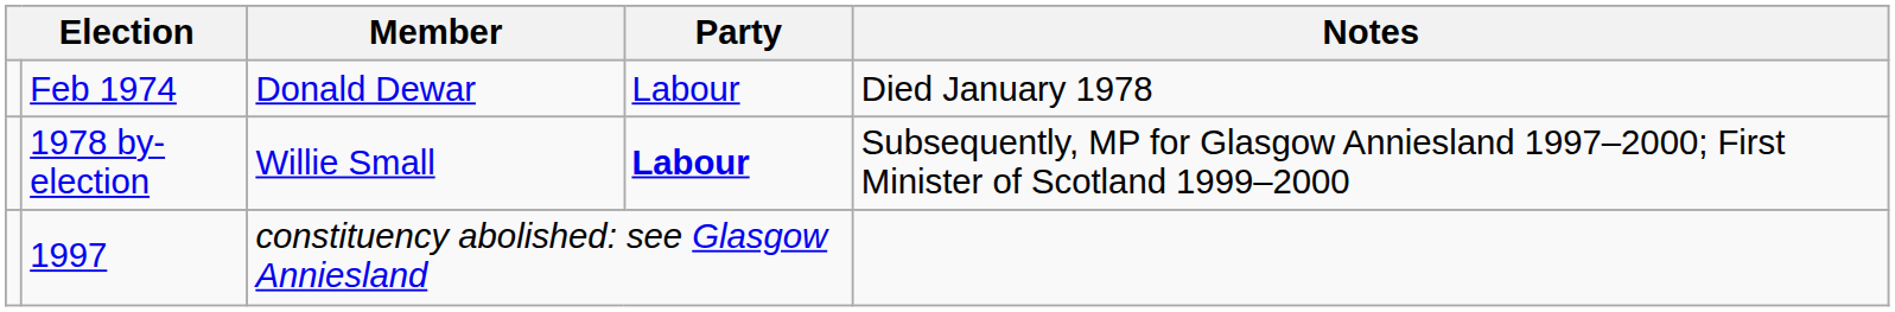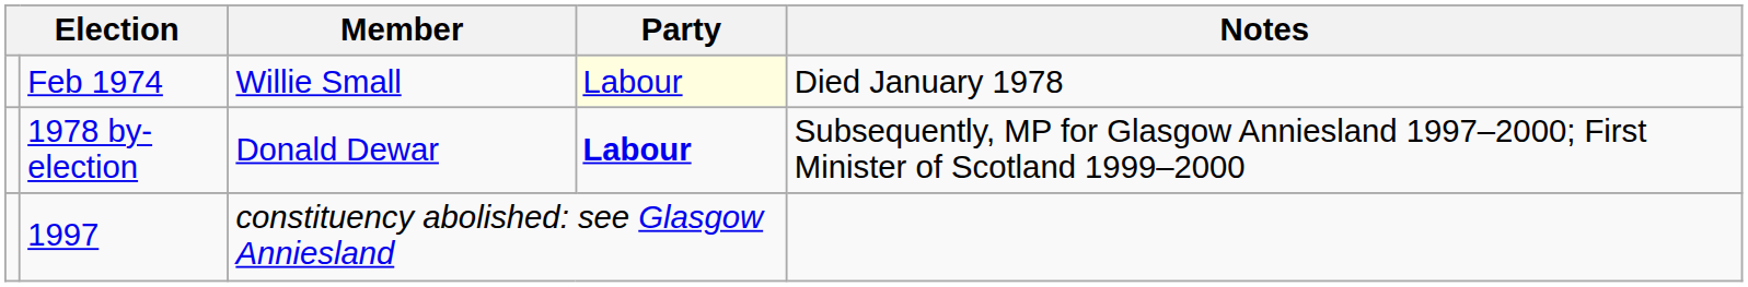 <table class="wikitable">
 <tr>
 <th colspan="2">Election</th>
 <th>Member</th>
 <th>Party</th>
 <th>Notes</th>
 </tr>
 <tr>
 <td style="color:inherit;background-color: "></td>
 <td><a href='#'>Feb 1974</a></td>
-<td><a href='#'>Donald Dewar</a></td>
-<td><a href='#'>Labour</a></td>
+<td><a href='#'>Willie Small</a></td>
+<td style="background: lightyellow;"><a href='#'>Labour</a></td>
 <td>Died January 1978</td>
 </tr>
 <tr>
 <td style="color:inherit;background-color: "></td>
 <td><a href='#'>1978 by-election</a></td>
-<td><a href='#'>Willie Small</a></td>
+<td><a href='#'>Donald Dewar</a></td>
 <td><strong><a href='#'>Labour</a></strong></td>
 <td>Subsequently, MP for Glasgow Anniesland 1997–2000; First Minister of Scotland 1999–2000</td>
 </tr>
 <tr>
 <td></td>
 <td><a href='#'>1997</a></td>
 <td colspan="2"><em>constituency abolished: see <a href='#'>Glasgow Anniesland</a></em></td>
 </tr>
 </table>
